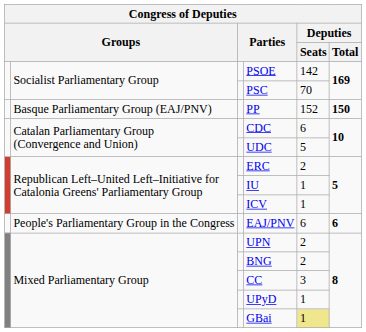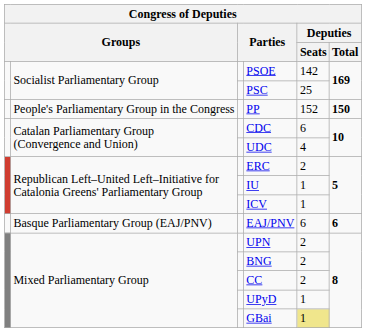 <table class="wikitable" style="text-align:left;">
 <tr>
 <th colspan="6">Congress of Deputies</th>
 </tr>
 <tr>
 <th rowspan="2" colspan="2">Groups</th>
 <th rowspan="2" colspan="2">Parties</th>
 <th colspan="2">Deputies</th>
 </tr>
 <tr>
 <th>Seats</th>
 <th>Total</th>
 </tr>
 <tr>
 <td width="1" rowspan="2"></td>
 <td rowspan="2">Socialist Parliamentary Group</td>
 <td width="1" style="color:inherit;background:"></td>
 <td><a href='#'>PSOE</a></td>
 <td>142</td>
 <td rowspan="2"><strong>169</strong></td>
 </tr>
 <tr>
 <td style="color:inherit;background:"></td>
 <td><a href='#'>PSC</a></td>
-<td>70</td>
+<td>25</td>
 </tr>
 <tr>
 <td style="color:inherit;background:"></td>
-<td>Basque Parliamentary Group (EAJ/PNV)</td>
+<td>People's Parliamentary Group in the Congress</td>
 <td style="color:inherit;background:"></td>
 <td><a href='#'>PP</a></td>
 <td>152</td>
 <td><strong>150</strong></td>
 </tr>
 <tr>
 <td rowspan="2" style="color:inherit;background:"></td>
 <td rowspan="2">Catalan Parliamentary Group<br>(Convergence and Union)</td>
 <td style="color:inherit;background:"></td>
 <td><a href='#'>CDC</a></td>
 <td>6</td>
 <td rowspan="2"><strong>10</strong></td>
 </tr>
 <tr>
 <td style="color:inherit;background:"></td>
 <td><a href='#'>UDC</a></td>
-<td>5</td>
+<td>4</td>
 </tr>
 <tr>
 <td rowspan="3" bgcolor="#D03D31"></td>
 <td rowspan="3">Republican Left–United Left–Initiative for<br>Catalonia Greens' Parliamentary Group</td>
 <td style="color:inherit;background:"></td>
 <td><a href='#'>ERC</a></td>
 <td>2</td>
 <td rowspan="3"><strong>5</strong></td>
 </tr>
 <tr>
 <td style="color:inherit;background:"></td>
 <td><a href='#'>IU</a></td>
 <td>1</td>
 </tr>
 <tr>
 <td style="color:inherit;background:"></td>
 <td><a href='#'>ICV</a></td>
 <td>1</td>
 </tr>
 <tr>
 <td style="color:inherit;background:"></td>
-<td>People's Parliamentary Group in the Congress</td>
+<td>Basque Parliamentary Group (EAJ/PNV)</td>
 <td style="color:inherit;background:"></td>
 <td><a href='#'>EAJ/PNV</a></td>
 <td>6</td>
 <td><strong>6</strong></td>
 </tr>
 <tr>
 <td rowspan="5" bgcolor="gray"></td>
 <td rowspan="5">Mixed Parliamentary Group</td>
 <td style="color:inherit;background:"></td>
 <td><a href='#'>UPN</a></td>
 <td>2</td>
 <td rowspan="5"><strong>8</strong></td>
 </tr>
 <tr>
 <td style="color:inherit;background:"></td>
 <td><a href='#'>BNG</a></td>
 <td>2</td>
 </tr>
 <tr>
 <td style="color:inherit;background:"></td>
 <td><a href='#'>CC</a></td>
-<td>3</td>
+<td>2</td>
 </tr>
 <tr>
 <td style="color:inherit;background:"></td>
 <td><a href='#'>UPyD</a></td>
 <td>1</td>
 </tr>
 <tr>
 <td style="color:inherit;background:"></td>
 <td><a href='#'>GBai</a></td>
 <td style="background: khaki;">1</td>
 </tr>
 </table>
